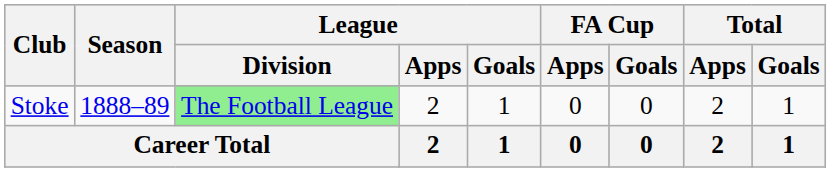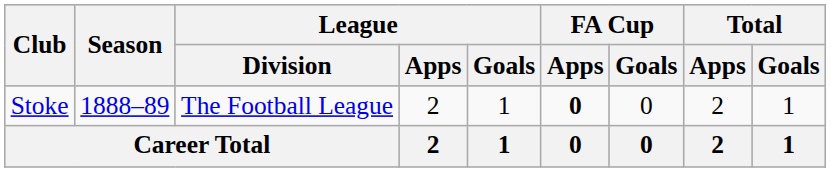 <table class="wikitable" style="text-align: center;">
 <tr>
 <th rowspan="2">Club</th>
 <th rowspan="2">Season</th>
 <th colspan="3">League</th>
 <th colspan="2">FA Cup</th>
 <th colspan="2">Total</th>
 </tr>
 <tr>
 <th>Division</th>
 <th>Apps</th>
 <th>Goals</th>
 <th>Apps</th>
 <th>Goals</th>
 <th>Apps</th>
 <th>Goals</th>
 </tr>
 <tr>
 <td><a href='#'>Stoke</a></td>
 <td><a href='#'>1888–89</a></td>
-<td style="background: lightgreen;"><a href='#'>The Football League</a></td>
+<td><a href='#'>The Football League</a></td>
 <td>2</td>
 <td>1</td>
-<td>0</td>
+<td><strong>0</strong></td>
 <td>0</td>
 <td>2</td>
 <td>1</td>
 </tr>
 <tr>
 <th colspan=3>Career Total</th>
 <th>2</th>
 <th>1</th>
 <th>0</th>
 <th>0</th>
 <th>2</th>
 <th>1</th>
 </tr>
 </table>
